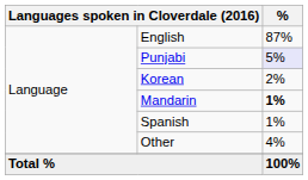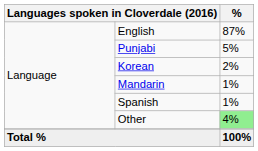 <table class="wikitable">
 <tr>
 <th colspan=2>Languages spoken in Cloverdale (2016)<br></th>
 <th>%</th>
 </tr>
 <tr>
 <td rowspan=6>Language</td>
 <td>English</td>
 <td>87%</td>
 </tr>
 <tr>
 <td><a href='#'>Punjabi</a></td>
-<td style="background: lavender;">5%</td>
+<td>5%</td>
 </tr>
 <tr>
 <td><a href='#'>Korean</a></td>
 <td>2%</td>
 </tr>
 <tr>
 <td><a href='#'>Mandarin</a></td>
-<td><strong>1%</strong></td>
+<td>1%</td>
 </tr>
 <tr>
 <td>Spanish</td>
 <td>1%</td>
 </tr>
 <tr>
 <td>Other</td>
-<td>4%</td>
+<td style="background: lightgreen;">4%</td>
 </tr>
 <tr>
 </tr>
 <tr style="background:#efefef; font-weight:bold">
 <td colspan=2>Total %</td>
 <td>100%</td>
 </tr>
 </table>
